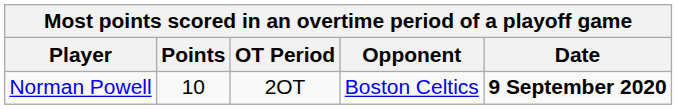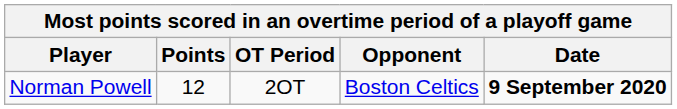 <table class="wikitable" style="text-align:center">
 <tr>
 <th colspan="5">Most points scored in an overtime period of a playoff game</th>
 </tr>
 <tr>
 <th>Player</th>
 <th>Points</th>
 <th>OT Period</th>
 <th>Opponent</th>
 <th>Date</th>
 </tr>
 <tr>
 <td><a href='#'>Norman Powell</a></td>
-<td>10</td>
+<td>12</td>
 <td>2OT</td>
 <td><a href='#'>Boston Celtics</a></td>
 <td><strong>9 September 2020</strong></td>
 </tr>
 </table>
